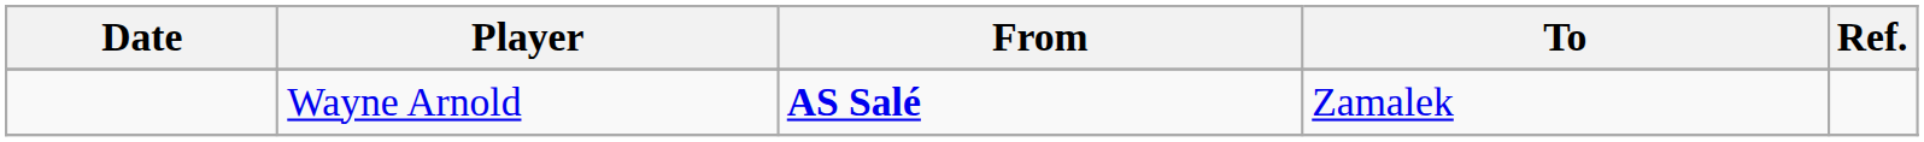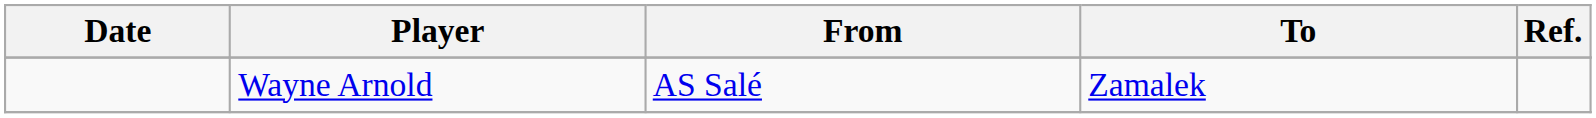 <table class="wikitable sortable">
 <tr>
 <th width=100>Date</th>
 <th width=190>Player</th>
 <th style="width:200px;">From</th>
 <th style="width:200px;">To</th>
 <th>Ref.</th>
 </tr>
 <tr>
 </tr>
 <tr>
 <td></td>
 <td> <a href='#'>Wayne Arnold</a></td>
-<td><strong> <a href='#'>AS Salé</a></strong></td>
+<td> <a href='#'>AS Salé</a></td>
 <td> <a href='#'>Zamalek</a></td>
 <td></td>
 </tr>
 <tr>
 </tr>
 </table>
